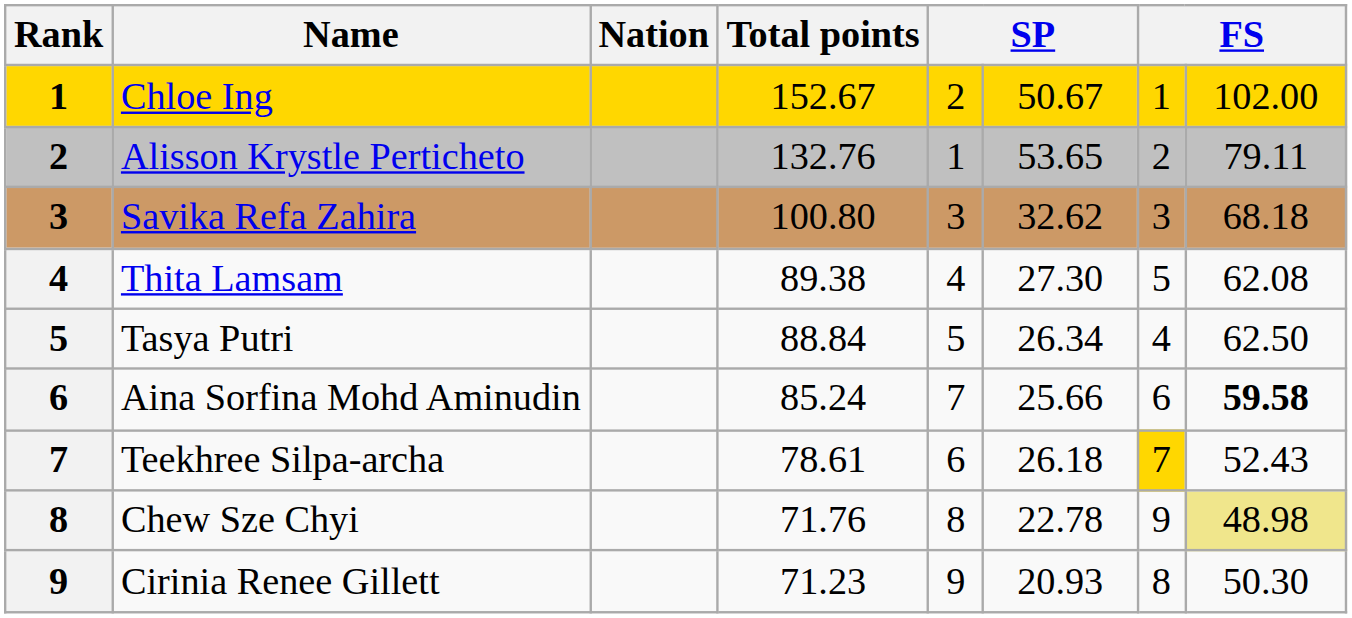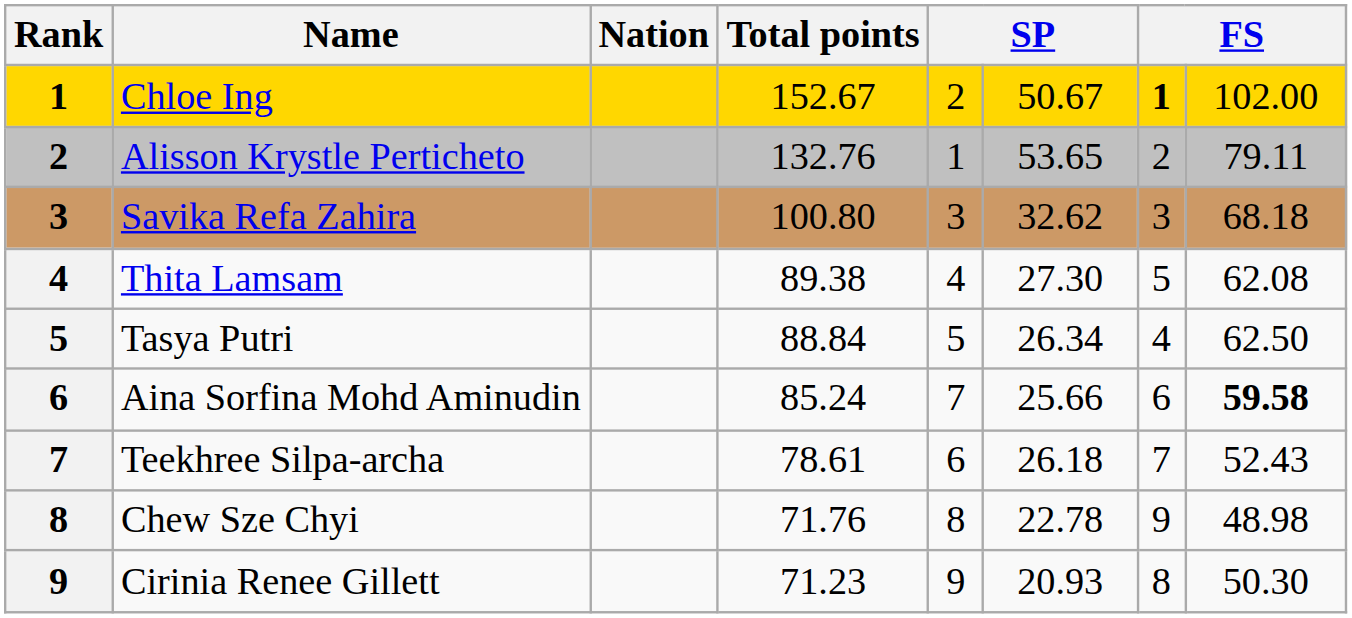 <table class="wikitable sortable">
 <tr>
 <th>Rank</th>
 <th>Name</th>
 <th>Nation</th>
 <th>Total points</th>
 <th colspan="2" width="80px"><a href='#'>SP</a></th>
 <th colspan="2" width="80px"><a href='#'>FS</a></th>
 </tr>
 <tr bgcolor="gold">
 <td align="center"><strong>1</strong></td>
 <td><a href='#'>Chloe Ing</a></td>
 <td></td>
 <td align="center">152.67</td>
 <td align="center">2</td>
 <td align="center">50.67</td>
-<td align="center">1</td>
+<td align="center"><strong>1</strong></td>
 <td align="center">102.00</td>
 </tr>
 <tr bgcolor="silver">
 <td align="center"><strong>2</strong></td>
 <td><a href='#'>Alisson Krystle Perticheto</a></td>
 <td></td>
 <td align="center">132.76</td>
 <td align="center">1</td>
 <td align="center">53.65</td>
 <td align="center">2</td>
 <td align="center">79.11</td>
 </tr>
 <tr bgcolor="cc9966">
 <td align="center"><strong>3</strong></td>
 <td><a href='#'>Savika Refa Zahira</a></td>
 <td></td>
 <td align="center">100.80</td>
 <td align="center">3</td>
 <td align="center">32.62</td>
 <td align="center">3</td>
 <td align="center">68.18</td>
 </tr>
 <tr>
 <th>4</th>
 <td><a href='#'>Thita Lamsam</a></td>
 <td></td>
 <td align="center">89.38</td>
 <td align="center">4</td>
 <td align="center">27.30</td>
 <td align="center">5</td>
 <td align="center">62.08</td>
 </tr>
 <tr>
 <th>5</th>
 <td>Tasya Putri</td>
 <td></td>
 <td align="center">88.84</td>
 <td align="center">5</td>
 <td align="center">26.34</td>
 <td align="center">4</td>
 <td align="center">62.50</td>
 </tr>
 <tr>
 <th>6</th>
 <td>Aina Sorfina Mohd Aminudin</td>
 <td></td>
 <td align="center">85.24</td>
 <td align="center">7</td>
 <td align="center">25.66</td>
 <td align="center">6</td>
 <td align="center"><strong>59.58</strong></td>
 </tr>
 <tr>
 <th>7</th>
 <td>Teekhree Silpa-archa</td>
 <td></td>
 <td align="center">78.61</td>
 <td align="center">6</td>
 <td align="center">26.18</td>
-<td align="center" style="background: gold;">7</td>
+<td align="center">7</td>
 <td align="center">52.43</td>
 </tr>
 <tr>
 <th>8</th>
 <td>Chew Sze Chyi</td>
 <td></td>
 <td align="center">71.76</td>
 <td align="center">8</td>
 <td align="center">22.78</td>
 <td align="center">9</td>
-<td align="center" style="background: khaki;">48.98</td>
+<td align="center">48.98</td>
 </tr>
 <tr>
 <th>9</th>
 <td>Cirinia Renee Gillett</td>
 <td></td>
 <td align="center">71.23</td>
 <td align="center">9</td>
 <td align="center">20.93</td>
 <td align="center">8</td>
 <td align="center">50.30</td>
 </tr>
 </table>
